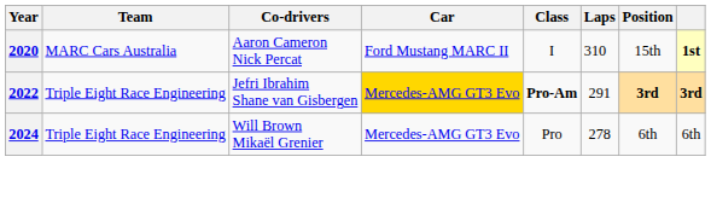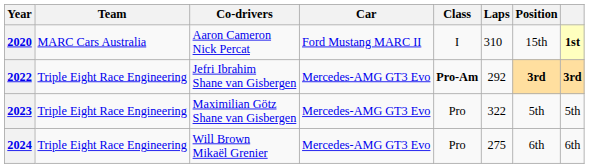 <table class="wikitable" style="font-size: 90%;">
 <tr>
 <th>Year</th>
 <th>Team</th>
 <th>Co-drivers</th>
 <th>Car</th>
 <th>Class</th>
 <th>Laps</th>
 <th>Position</th>
 <th></th>
 </tr>
 <tr>
 <th><a href='#'>2020</a></th>
 <td nowrap> <a href='#'>MARC Cars Australia</a></td>
 <td nowrap> <a href='#'>Aaron Cameron</a><br> <a href='#'>Nick Percat</a></td>
 <td nowrap><a href='#'>Ford Mustang MARC II</a></td>
 <td align="center">I</td>
 <td>310</td>
 <td align="center">15th</td>
 <td align="center" style="background: #ffffbf"><strong>1st</strong></td>
 </tr>
 <tr>
 <th><a href='#'>2022</a></th>
 <td align="left"nowrap> <a href='#'>Triple Eight Race Engineering</a></td>
 <td align="left"nowrap> <a href='#'>Jefri Ibrahim</a><br> <a href='#'>Shane van Gisbergen</a></td>
-<td align="left"nowrap style="background: gold;"><a href='#'>Mercedes-AMG GT3 Evo</a></td>
+<td align="left"nowrap><a href='#'>Mercedes-AMG GT3 Evo</a></td>
 <td align="center" nowrap><strong>Pro-Am</strong></td>
-<td align="center">291</td>
+<td align="center">292</td>
 <td align="center" style="background:#ffdf9f"><strong>3rd</strong></td>
 <td align="center" style="background:#ffdf9f"><strong>3rd</strong></td>
+</tr>
+<tr>
+<th><a href='#'>2023</a></th>
+<td align="left"nowrap> <a href='#'>Triple Eight Race Engineering</a></td>
+<td align="left"nowrap> <a href='#'>Maximilian Götz</a><br> <a href='#'>Shane van Gisbergen</a></td>
+<td align="left"nowrap><a href='#'>Mercedes-AMG GT3 Evo</a></td>
+<td align="center">Pro</td>
+<td align="center">322</td>
+<td align="center">5th</td>
+<td align="center">5th</td>
 </tr>
 <tr>
 <th><a href='#'>2024</a></th>
 <td align="left"nowrap> <a href='#'>Triple Eight Race Engineering</a></td>
 <td align="left"nowrap> <a href='#'>Will Brown</a><br> <a href='#'>Mikaël Grenier</a></td>
 <td align="left"nowrap><a href='#'>Mercedes-AMG GT3 Evo</a></td>
 <td align="center">Pro</td>
-<td align="center">278</td>
+<td align="center">275</td>
 <td align="center">6th</td>
 <td align="center">6th</td>
 </tr>
 </table>
